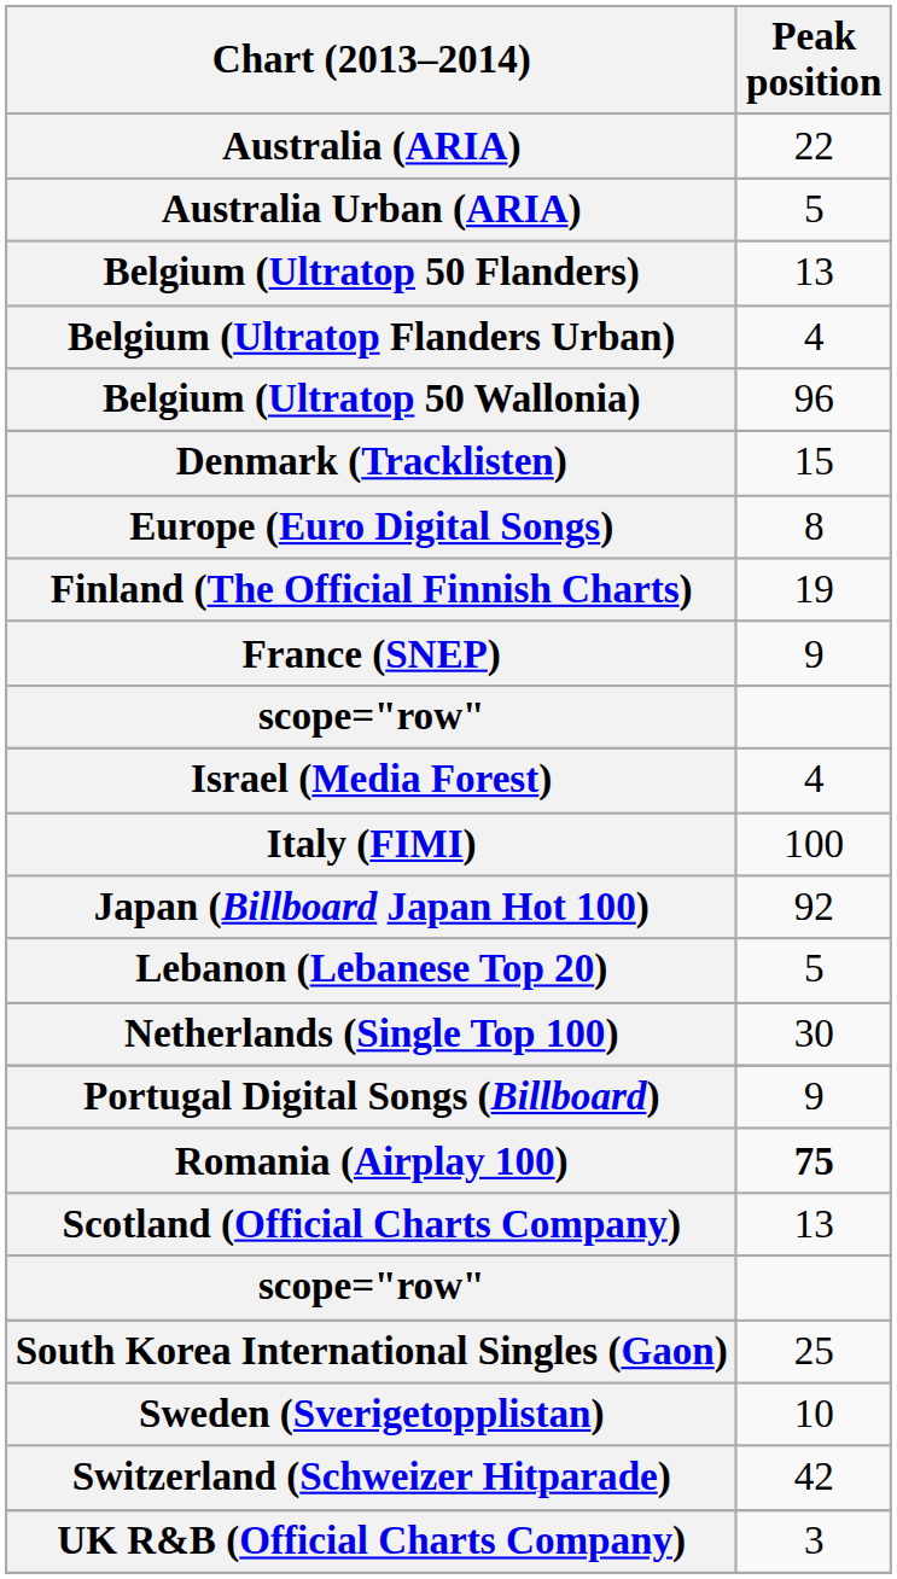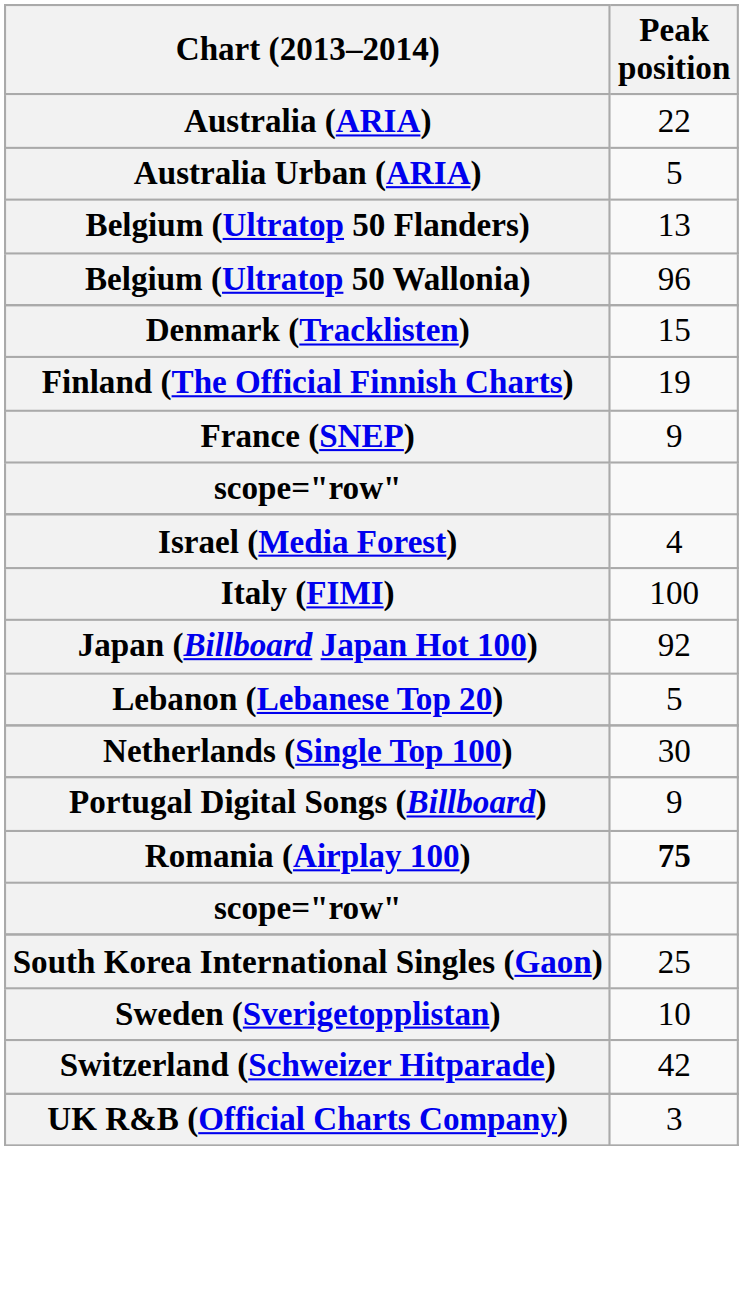 <table class="wikitable plainrowheaders sortable" style="text-align:center;">
 <tr>
 <th scope="col">Chart (2013–2014)</th>
 <th scope="col">Peak<br>position</th>
 </tr>
 <tr>
 <th scope="row">Australia (<a href='#'>ARIA</a>)</th>
 <td>22</td>
 </tr>
 <tr>
 <th scope="row">Australia Urban (<a href='#'>ARIA</a>)</th>
 <td>5</td>
 </tr>
 <tr>
 <th scope="row">Belgium (<a href='#'>Ultratop</a> 50 Flanders)</th>
 <td>13</td>
 </tr>
 <tr>
-<th scope="row">Belgium (<a href='#'>Ultratop</a> Flanders Urban)</th>
-<td>4</td>
-</tr>
-<tr>
 <th scope="row">Belgium (<a href='#'>Ultratop</a> 50 Wallonia)</th>
 <td>96</td>
 </tr>
 <tr>
 </tr>
 <tr>
 </tr>
 <tr>
 </tr>
 <tr>
 </tr>
 <tr>
 </tr>
 <tr>
 <th scope="row">Denmark (<a href='#'>Tracklisten</a>)</th>
 <td>15</td>
-</tr>
-<tr>
-<th scope="row">Europe (<a href='#'>Euro Digital Songs</a>)</th>
-<td>8</td>
 </tr>
 <tr>
 <th scope="row">Finland (<a href='#'>The Official Finnish Charts</a>)</th>
 <td>19</td>
 </tr>
 <tr>
 <th scope="row">France (<a href='#'>SNEP</a>)</th>
 <td>9</td>
 </tr>
 <tr>
 <th>scope="row"</th>
 </tr>
 <tr>
 </tr>
 <tr>
 <th scope="row">Israel (<a href='#'>Media Forest</a>)</th>
 <td>4</td>
 </tr>
 <tr>
 <th scope="row">Italy (<a href='#'>FIMI</a>)</th>
 <td style="text-align:center;">100</td>
 </tr>
 <tr>
 <th scope="row">Japan (<em><a href='#'>Billboard</a></em> <a href='#'>Japan Hot 100</a>)</th>
 <td style="text-align:center;">92</td>
 </tr>
 <tr>
 <th scope="row">Lebanon (<a href='#'>Lebanese Top 20</a>)</th>
 <td>5</td>
 </tr>
 <tr>
 </tr>
 <tr>
 <th scope="row">Netherlands (<a href='#'>Single Top 100</a>)</th>
 <td>30</td>
 </tr>
 <tr>
 </tr>
 <tr>
 <th scope="row">Portugal Digital Songs (<em><a href='#'>Billboard</a></em>)</th>
 <td style="text-align:center;">9</td>
 </tr>
 <tr>
 <th scope="row">Romania (<a href='#'>Airplay 100</a>)</th>
 <td style="text-align:center;"><strong>75</strong></td>
 </tr>
 <tr>
-<th scope="row">Scotland (<a href='#'>Official Charts Company</a>)</th>
-<td>13</td>
-</tr>
-<tr>
 <th>scope="row"</th>
 </tr>
 <tr>
 </tr>
 <tr>
 <th scope="row">South Korea International Singles (<a href='#'>Gaon</a>)</th>
 <td>25</td>
 </tr>
 <tr>
 <th scope="row">Sweden (<a href='#'>Sverigetopplistan</a>)</th>
 <td>10</td>
 </tr>
 <tr>
 <th scope="row">Switzerland (<a href='#'>Schweizer Hitparade</a>)</th>
 <td>42</td>
 </tr>
 <tr>
 </tr>
 <tr>
 <th scope="row">UK R&B (<a href='#'>Official Charts Company</a>)</th>
 <td>3</td>
 </tr>
 <tr>
 </tr>
 <tr>
 </tr>
 <tr>
 </tr>
 <tr>
 </tr>
 <tr>
 </tr>
 <tr>
 </tr>
 </table>
